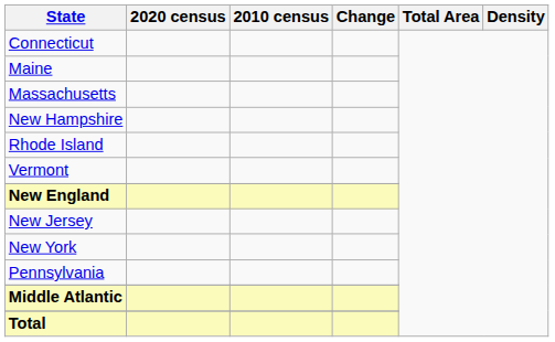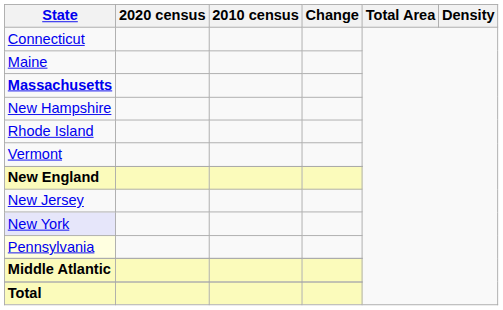 <table class="wikitable sortable">
 <tr>
 <th><a href='#'>State</a></th>
 <th>2020 census</th>
 <th>2010 census</th>
 <th>Change</th>
 <th>Total Area</th>
 <th>Density</th>
 </tr>
 <tr>
 <td><a href='#'>Connecticut</a></td>
 <td></td>
 <td></td>
 <td></td>
 </tr>
 <tr>
 <td><a href='#'>Maine</a></td>
 <td></td>
 <td></td>
 <td></td>
 </tr>
 <tr>
-<td><a href='#'>Massachusetts</a></td>
+<td><strong><a href='#'>Massachusetts</a></strong></td>
 <td></td>
 <td></td>
 <td></td>
 </tr>
 <tr>
 <td><a href='#'>New Hampshire</a></td>
 <td></td>
 <td></td>
 <td></td>
 </tr>
 <tr>
 <td><a href='#'>Rhode Island</a></td>
 <td></td>
 <td></td>
 <td></td>
 </tr>
 <tr>
 <td><a href='#'>Vermont</a></td>
 <td></td>
 <td></td>
 <td></td>
 </tr>
 <tr>
 </tr>
 <tr class=sortbottom style="background:#fbfbbb">
 <td><strong>New England</strong></td>
 <td></td>
 <td></td>
 <td></td>
 </tr>
 <tr>
 <td><a href='#'>New Jersey</a></td>
 <td></td>
 <td></td>
 <td></td>
 </tr>
 <tr>
-<td><a href='#'>New York</a></td>
+<td style="background: lavender;"><a href='#'>New York</a></td>
 <td></td>
 <td></td>
 <td></td>
 </tr>
 <tr>
-<td><a href='#'>Pennsylvania</a></td>
+<td style="background: lightyellow;"><a href='#'>Pennsylvania</a></td>
 <td></td>
 <td></td>
 <td></td>
 </tr>
 <tr>
 </tr>
 <tr class=sortbottom style="background:#fbfbbb">
 <td><strong>Middle Atlantic</strong></td>
 <td></td>
 <td></td>
 <td></td>
 </tr>
 <tr>
 </tr>
 <tr class=sortbottom style="background:#fbfbbb">
 <td><strong>Total</strong></td>
 <td></td>
 <td></td>
 <td></td>
 </tr>
 </table>
